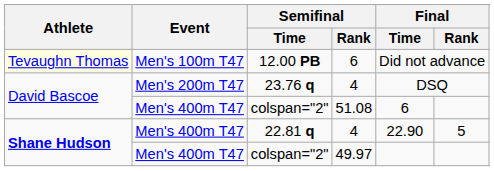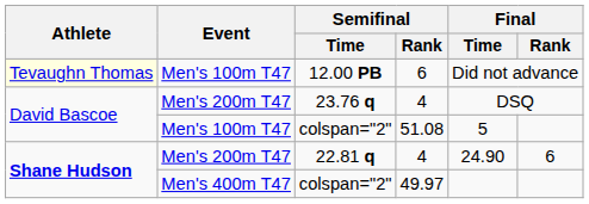 <table class=wikitable style="font-size:90%">
 <tr>
 <th rowspan="2">Athlete</th>
 <th rowspan="2">Event</th>
 <th colspan="2">Semifinal</th>
 <th colspan="2">Final</th>
 </tr>
 <tr style="font-size:95%">
 <th>Time</th>
 <th>Rank</th>
 <th>Time</th>
 <th>Rank</th>
 </tr>
 <tr align=center>
 <td align=left style="background: lightyellow;"><a href='#'>Tevaughn Thomas</a></td>
 <td align=left><a href='#'>Men's 100m T47</a></td>
 <td>12.00 <strong>PB</strong></td>
 <td>6</td>
 <td colspan="2">Did not advance</td>
 </tr>
 <tr align=center>
 <td align=left rowspan="2"><a href='#'>David Bascoe</a></td>
 <td align=left><a href='#'>Men's 200m T47</a></td>
 <td>23.76 <strong>q</strong></td>
 <td>4</td>
 <td colspan="2">DSQ</td>
 </tr>
 <tr align=center>
-<td align=left><a href='#'>Men's 400m T47</a></td>
+<td align=left><a href='#'>Men's 100m T47</a></td>
 <td>colspan="2" </td>
 <td>51.08</td>
-<td>6</td>
+<td>5</td>
 </tr>
 <tr align=center>
 <td align=left rowspan="2"><strong><a href='#'>Shane Hudson</a></strong></td>
-<td align=left><a href='#'>Men's 400m T47</a></td>
+<td align=left><a href='#'>Men's 200m T47</a></td>
 <td>22.81 <strong>q</strong></td>
 <td>4</td>
-<td>22.90</td>
-<td>5</td>
+<td>24.90</td>
+<td>6</td>
 </tr>
 <tr align=center>
 <td align=left><a href='#'>Men's 400m T47</a></td>
 <td>colspan="2" </td>
 <td>49.97</td>
 <td></td>
 </tr>
 </table>
